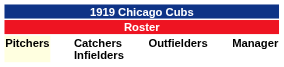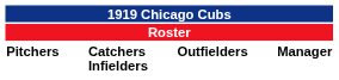 <table class="toccolours" style="font-size: 95%;">
 <tr>
 <th colspan="10" style="background-color: #0e3386; color: white; text-align: center;">1919 Chicago Cubs</th>
 </tr>
 <tr>
 <td colspan="10" style="background-color: #EE1422; color: white; text-align: center;"><strong>Roster</strong></td>
 </tr>
 <tr>
-<td valign="top" style="background: lightyellow;"><strong>Pitchers</strong><br>         </td>
+<td valign="top"><strong>Pitchers</strong><br>         </td>
 <td width="25px"></td>
 <td valign="top"><strong>Catchers</strong><br>   <strong>Infielders</strong>       </td>
 <td width="25px"></td>
 <td valign="top"><strong>Outfielders</strong><br>        </td>
 <td width="25px"></td>
 <td valign="top"><strong>Manager</strong><br></td>
 </tr>
 </table>
